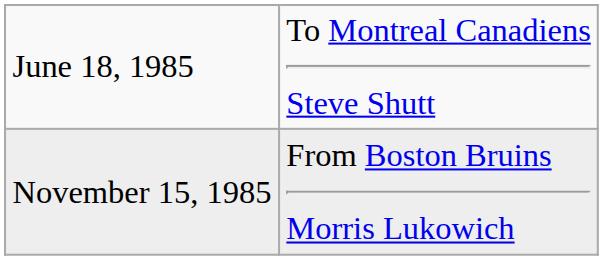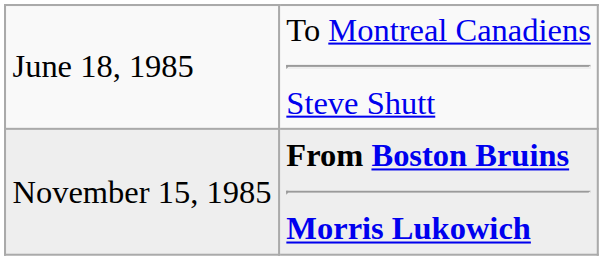 <table class="wikitable">
 <tr>
 <td>June 18, 1985</td>
 <td valign="top">To <a href='#'>Montreal Canadiens</a><hr><a href='#'>Steve Shutt</a></td>
 </tr>
 <tr style="background:#eee;">
 <td>November 15, 1985</td>
-<td valign="top">From <a href='#'>Boston Bruins</a><hr><a href='#'>Morris Lukowich</a></td>
+<td valign="top"><strong>From <a href='#'>Boston Bruins</a><hr><a href='#'>Morris Lukowich</a></strong></td>
 </tr>
 </table>
